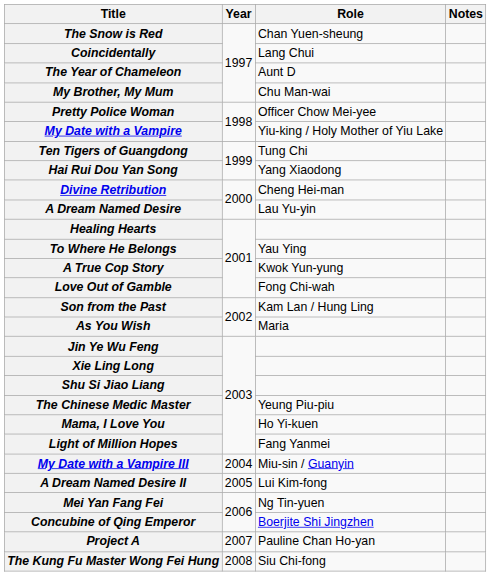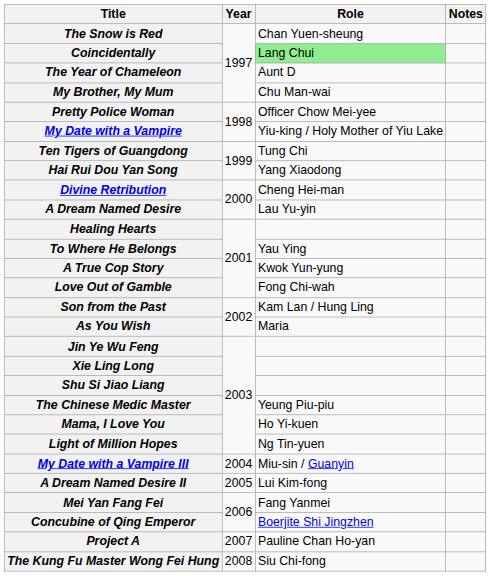 <table class="wikitable plainrowheaders sortable">
 <tr>
 <th scope="col">Title</th>
 <th scope="col">Year</th>
 <th scope="col">Role</th>
 <th scope="col" class="unsortable">Notes</th>
 </tr>
 <tr>
 <th scope="row"><em>The Snow is Red</em></th>
 <td rowspan=4>1997</td>
 <td>Chan Yuen-sheung</td>
 <td></td>
 </tr>
 <tr>
 <th scope="row"><em>Coincidentally</em></th>
-<td>Lang Chui</td>
+<td style="background: lightgreen;">Lang Chui</td>
 <td></td>
 </tr>
 <tr>
 <th scope="row"><em>The Year of Chameleon</em></th>
 <td>Aunt D</td>
 <td></td>
 </tr>
 <tr>
 <th scope="row"><em>My Brother, My Mum</em></th>
 <td>Chu Man-wai</td>
 <td></td>
 </tr>
 <tr>
 <th scope="row"><em>Pretty Police Woman</em></th>
 <td rowspan=2>1998</td>
 <td>Officer Chow Mei-yee</td>
 <td></td>
 </tr>
 <tr>
 <th scope="row"><em><a href='#'>My Date with a Vampire</a></em></th>
 <td>Yiu-king / Holy Mother of Yiu Lake</td>
 <td></td>
 </tr>
 <tr>
 <th scope="row"><em>Ten Tigers of Guangdong</em></th>
 <td rowspan=2>1999</td>
 <td>Tung Chi</td>
 <td></td>
 </tr>
 <tr>
 <th scope="row"><em>Hai Rui Dou Yan Song</em></th>
 <td>Yang Xiaodong</td>
 <td></td>
 </tr>
 <tr>
 <th scope="row"><em><a href='#'>Divine Retribution</a></em></th>
 <td rowspan=2>2000</td>
 <td>Cheng Hei-man</td>
 <td></td>
 </tr>
 <tr>
 <th scope="row"><em>A Dream Named Desire</em></th>
 <td>Lau Yu-yin</td>
 <td></td>
 </tr>
 <tr>
 <th scope="row"><em>Healing Hearts</em></th>
 <td rowspan=4>2001</td>
 <td></td>
 <td></td>
 </tr>
 <tr>
 <th scope="row"><em>To Where He Belongs</em></th>
 <td>Yau Ying</td>
 <td></td>
 </tr>
 <tr>
 <th scope="row"><em>A True Cop Story</em></th>
 <td>Kwok Yun-yung</td>
 <td></td>
 </tr>
 <tr>
 <th scope="row"><em>Love Out of Gamble</em></th>
 <td>Fong Chi-wah</td>
 <td></td>
 </tr>
 <tr>
 <th scope="row"><em>Son from the Past</em></th>
 <td rowspan=2>2002</td>
 <td>Kam Lan / Hung Ling</td>
 <td></td>
 </tr>
 <tr>
 <th scope="row"><em>As You Wish</em></th>
 <td>Maria</td>
 <td></td>
 </tr>
 <tr>
 <th scope="row"><em>Jin Ye Wu Feng</em></th>
 <td rowspan=6>2003</td>
 <td></td>
 <td></td>
 </tr>
 <tr>
 <th scope="row"><em>Xie Ling Long</em></th>
 <td></td>
 <td></td>
 </tr>
 <tr>
 <th scope="row"><em>Shu Si Jiao Liang</em></th>
 <td></td>
 <td></td>
 </tr>
 <tr>
 <th scope="row"><em>The Chinese Medic Master</em></th>
 <td>Yeung Piu-piu</td>
 <td></td>
 </tr>
 <tr>
 <th scope="row"><em>Mama, I Love You</em></th>
 <td>Ho Yi-kuen</td>
 <td></td>
 </tr>
 <tr>
 <th scope="row"><em>Light of Million Hopes</em></th>
-<td>Fang Yanmei</td>
+<td>Ng Tin-yuen</td>
 <td></td>
 </tr>
 <tr>
 <th scope="row"><em><a href='#'>My Date with a Vampire III</a></em></th>
 <td>2004</td>
 <td>Miu-sin / <a href='#'>Guanyin</a></td>
 <td></td>
 </tr>
 <tr>
 <th scope="row"><em>A Dream Named Desire II</em></th>
 <td>2005</td>
 <td>Lui Kim-fong</td>
 <td></td>
 </tr>
 <tr>
 <th scope="row"><em>Mei Yan Fang Fei</em></th>
 <td rowspan=2>2006</td>
-<td>Ng Tin-yuen</td>
+<td>Fang Yanmei</td>
 <td></td>
 </tr>
 <tr>
 <th scope="row"><em>Concubine of Qing Emperor</em></th>
 <td><a href='#'>Boerjite Shi Jingzhen</a></td>
 <td></td>
 </tr>
 <tr>
 <th scope="row"><em>Project A</em></th>
 <td>2007</td>
 <td>Pauline Chan Ho-yan</td>
 <td></td>
 </tr>
 <tr>
 <th scope="row"><em>The Kung Fu Master Wong Fei Hung</em></th>
 <td>2008</td>
 <td>Siu Chi-fong</td>
 <td></td>
 </tr>
 </table>
